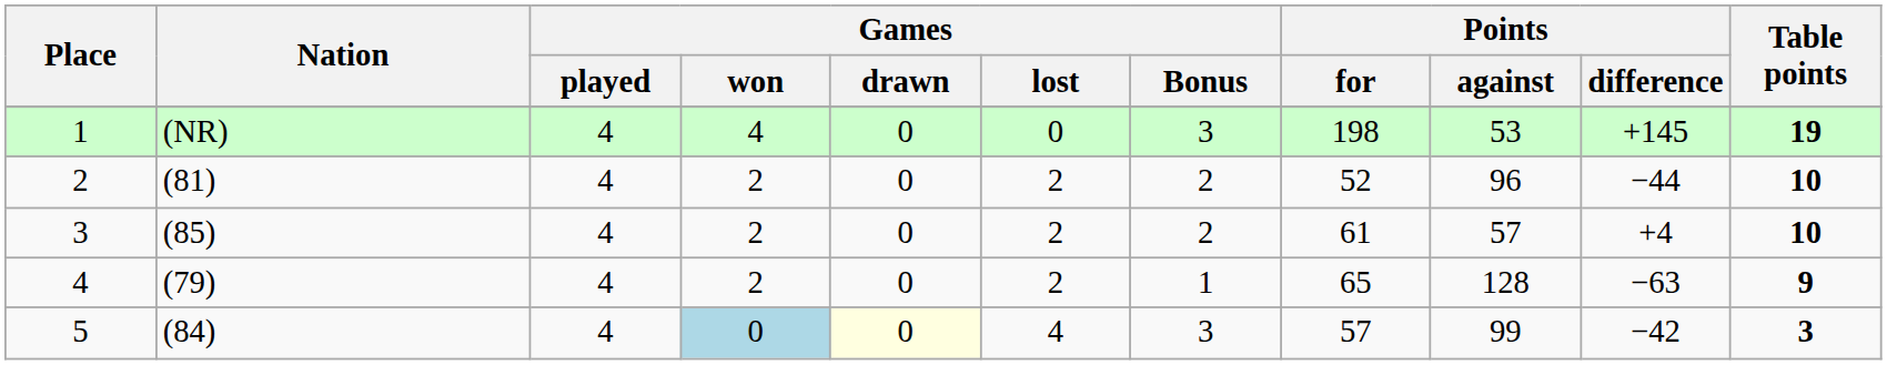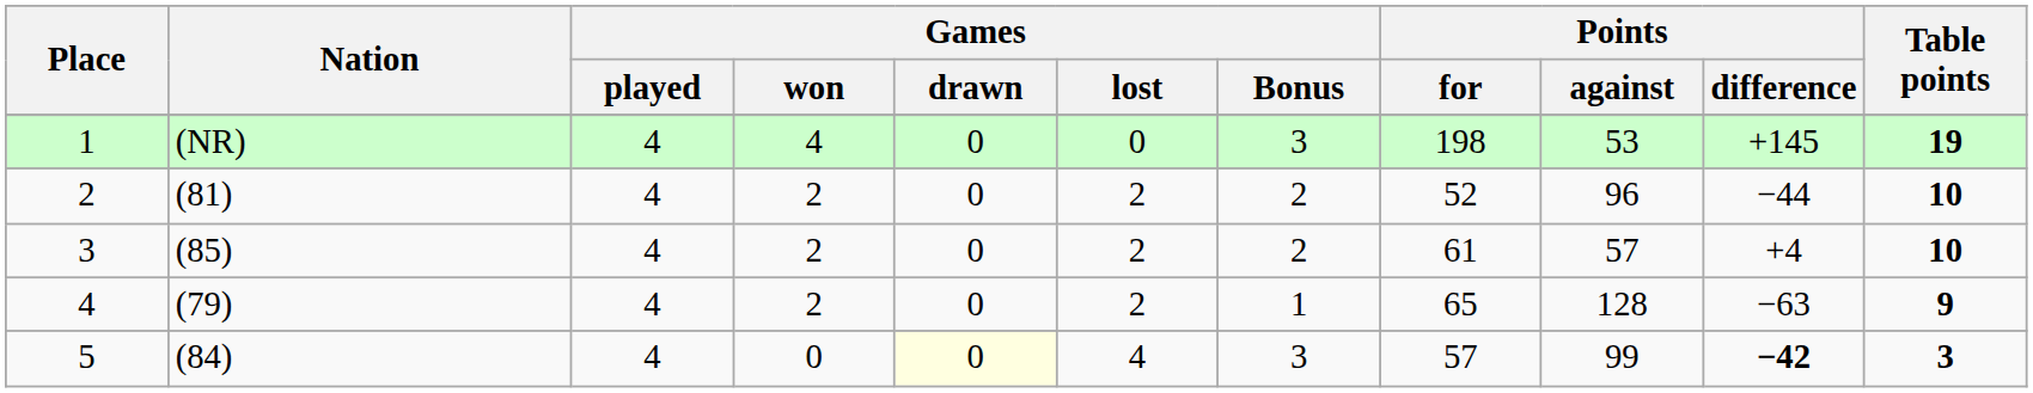 <table class="wikitable">
 <tr>
 <th rowspan=2 width="8%">Place</th>
 <th rowspan=2 width="20%">Nation</th>
 <th colspan=5 width="40%">Games</th>
 <th colspan=3 width="24%">Points</th>
 <th rowspan=2 width="10%">Table<br>points</th>
 </tr>
 <tr>
 <th width="8%">played</th>
 <th width="8%">won</th>
 <th width="8%">drawn</th>
 <th width="8%">lost</th>
 <th width="8%">Bonus</th>
 <th width="8%">for</th>
 <th width="8%">against</th>
 <th width="8%">difference</th>
 </tr>
 <tr>
 </tr>
 <tr align=center bgcolor="#ccffcc">
 <td>1</td>
 <td align=left> (NR)</td>
 <td>4</td>
 <td>4</td>
 <td>0</td>
 <td>0</td>
 <td>3</td>
 <td>198</td>
 <td>53</td>
 <td>+145</td>
 <td><strong>19</strong></td>
 </tr>
 <tr align=center>
 <td>2</td>
 <td align=left> (81)</td>
 <td>4</td>
 <td>2</td>
 <td>0</td>
 <td>2</td>
 <td>2</td>
 <td>52</td>
 <td>96</td>
 <td>−44</td>
 <td><strong>10</strong></td>
 </tr>
 <tr align=center>
 <td>3</td>
 <td align=left> (85)</td>
 <td>4</td>
 <td>2</td>
 <td>0</td>
 <td>2</td>
 <td>2</td>
 <td>61</td>
 <td>57</td>
 <td>+4</td>
 <td><strong>10</strong></td>
 </tr>
 <tr align=center>
 <td>4</td>
 <td align=left> (79)</td>
 <td>4</td>
 <td>2</td>
 <td>0</td>
 <td>2</td>
 <td>1</td>
 <td>65</td>
 <td>128</td>
 <td>−63</td>
 <td><strong>9</strong></td>
 </tr>
 <tr align=center>
 <td>5</td>
 <td align=left> (84)</td>
 <td>4</td>
-<td style="background: lightblue;">0</td>
+<td>0</td>
 <td style="background: lightyellow;">0</td>
 <td>4</td>
 <td>3</td>
 <td>57</td>
 <td>99</td>
-<td>−42</td>
+<td><strong>−42</strong></td>
 <td><strong>3</strong></td>
 </tr>
 </table>
